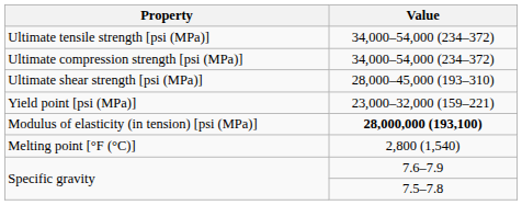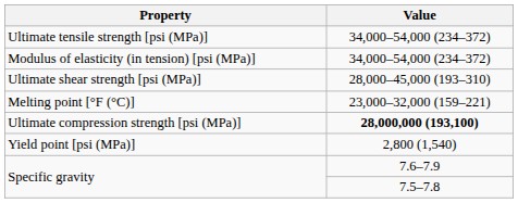 <table class="wikitable" width=600px>
 <tr>
 <th>Property</th>
 <th>Value</th>
 </tr>
 <tr>
 <td>Ultimate tensile strength [psi (MPa)]</td>
 <td align="center">34,000–54,000 (234–372)</td>
 </tr>
 <tr>
-<td>Ultimate compression strength [psi (MPa)]</td>
+<td>Modulus of elasticity (in tension) [psi (MPa)]</td>
 <td align="center">34,000–54,000 (234–372)</td>
 </tr>
 <tr>
 <td>Ultimate shear strength [psi (MPa)]</td>
 <td align="center">28,000–45,000 (193–310)</td>
 </tr>
 <tr>
-<td>Yield point [psi (MPa)]</td>
+<td>Melting point [°F (°C)]</td>
 <td align="center">23,000–32,000 (159–221)</td>
 </tr>
 <tr>
-<td>Modulus of elasticity (in tension) [psi (MPa)]</td>
+<td>Ultimate compression strength [psi (MPa)]</td>
 <td align="center"><strong>28,000,000 (193,100)</strong></td>
 </tr>
 <tr>
-<td>Melting point [°F (°C)]</td>
+<td>Yield point [psi (MPa)]</td>
 <td align="center">2,800 (1,540)</td>
 </tr>
 <tr>
 <td rowspan=2>Specific gravity</td>
 <td align="center">7.6–7.9</td>
 </tr>
 <tr>
 <td align="center">7.5–7.8</td>
 </tr>
 </table>
